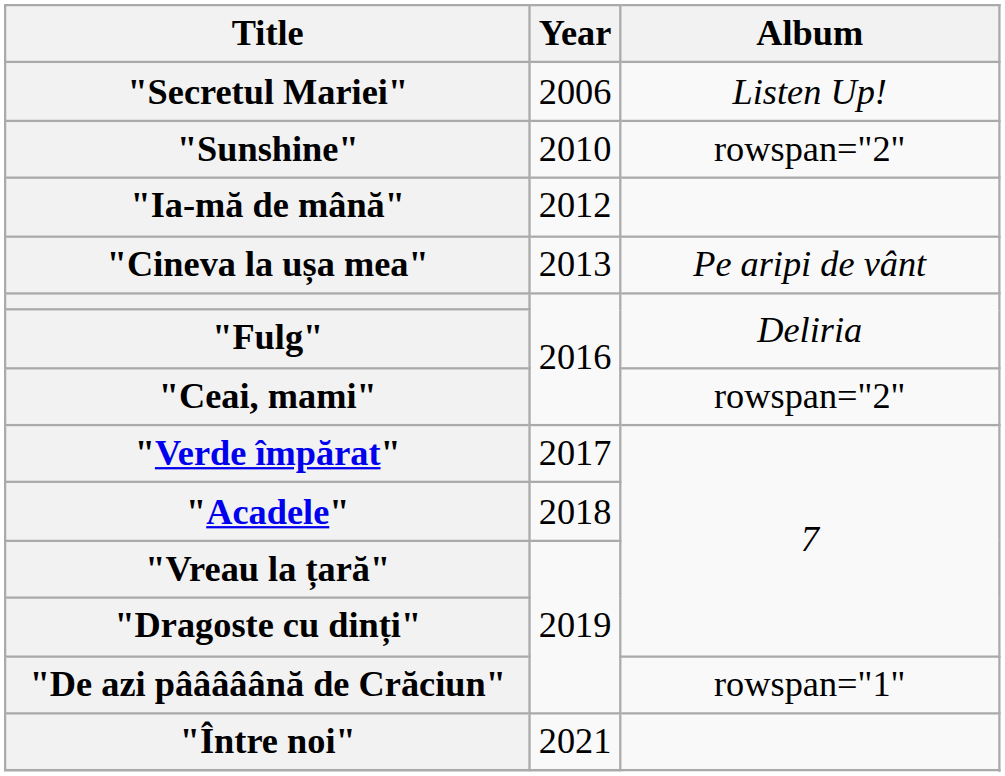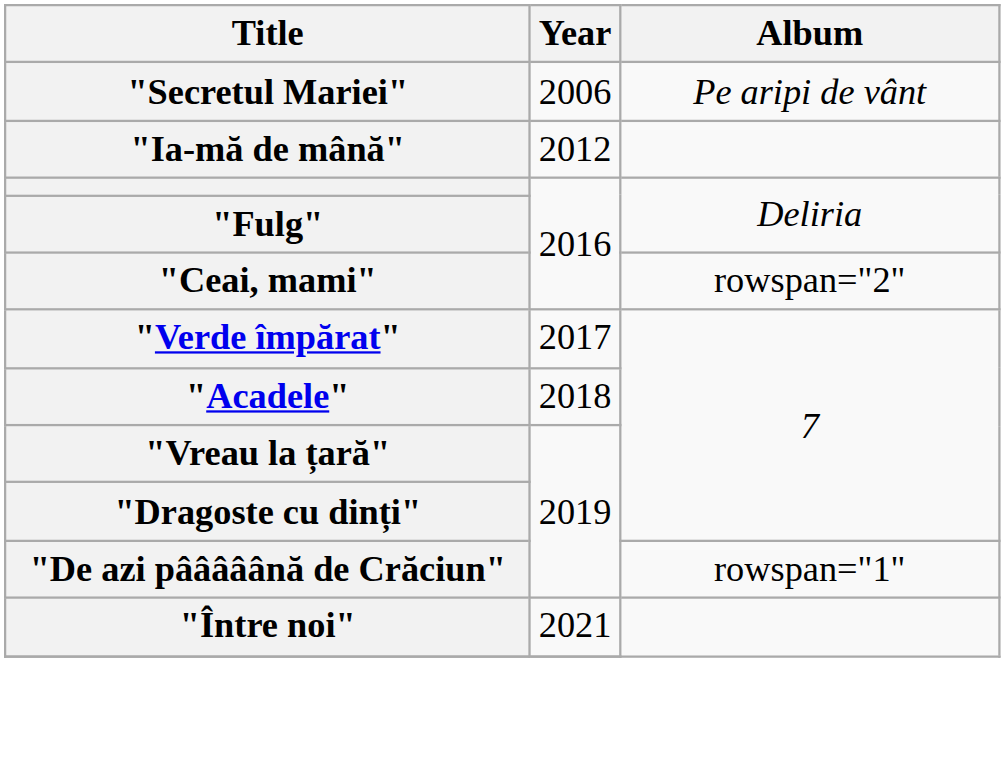 <table class="wikitable plainrowheaders" style="text-align:center;">
 <tr>
 <th scope="col" rowspan="1" style="width:14em;">Title</th>
 <th scope="col" rowspan="1" style="width:1em;">Year</th>
 <th scope="col" rowspan="1" style="width:10em;">Album</th>
 </tr>
 <tr>
 <th scope="row">"Secretul Mariei"<br></th>
 <td>2006</td>
-<td><em>Listen Up!</em></td>
-</tr>
-<tr>
-<th scope="row">"Sunshine"</th>
-<td>2010</td>
-<td>rowspan="2" </td>
+<td><em>Pe aripi de vânt</em></td>
 </tr>
 <tr>
 <th scope="row">"Ia-mă de mână"</th>
 <td>2012</td>
-</tr>
-<tr>
-<th scope="row">"Cineva la ușa mea"</th>
-<td>2013</td>
-<td><em>Pe aripi de vânt</em></td>
 </tr>
 <tr>
 <th scope="row"></th>
 <td rowspan="3">2016</td>
 <td rowspan="2"><em>Deliria</em></td>
 </tr>
 <tr>
 <th scope="row">"Fulg"</th>
 </tr>
 <tr>
 <th scope="row">"Ceai, mami"</th>
 <td>rowspan="2" </td>
 </tr>
 <tr>
 <th scope="row">"<a href='#'>Verde împărat</a>"</th>
 <td>2017</td>
 <td rowspan="4"><em>7</em></td>
 </tr>
 <tr>
 <th scope="row">"<a href='#'>Acadele</a>"</th>
 <td>2018</td>
 </tr>
 <tr>
 <th scope="row">"Vreau la țară"</th>
 <td rowspan="3">2019</td>
 </tr>
 <tr>
 <th scope="row">"Dragoste cu dinți"</th>
 </tr>
 <tr>
 <th scope="row">"De azi pââââână de Crăciun"</th>
 <td>rowspan="1" </td>
 </tr>
 <tr>
 <th scope="row">"Între noi"</th>
 <td>2021</td>
 </tr>
 <tr>
 </tr>
 </table>
